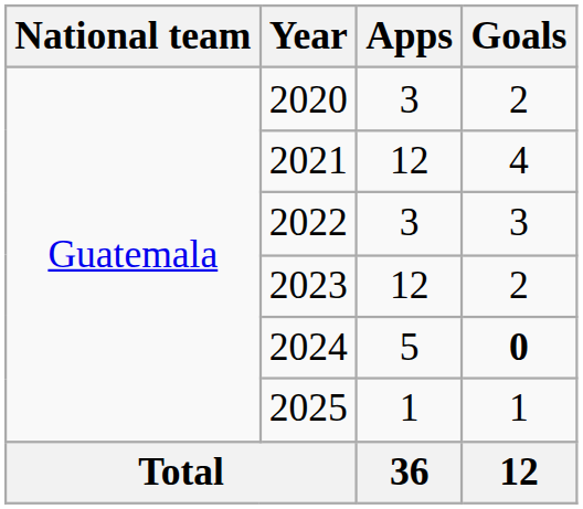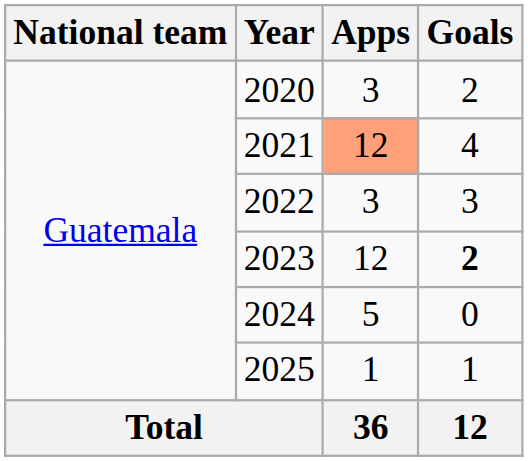 <table class="wikitable" style="text-align:center">
 <tr>
 <th>National team</th>
 <th>Year</th>
 <th>Apps</th>
 <th>Goals</th>
 </tr>
 <tr>
 <td rowspan="6"><a href='#'>Guatemala</a></td>
 <td>2020</td>
 <td>3</td>
 <td>2</td>
 </tr>
 <tr>
 <td>2021</td>
-<td>12</td>
+<td style="background: lightsalmon;">12</td>
 <td>4</td>
 </tr>
 <tr>
 <td>2022</td>
 <td>3</td>
 <td>3</td>
 </tr>
 <tr>
 <td>2023</td>
 <td>12</td>
-<td>2</td>
+<td><strong>2</strong></td>
 </tr>
 <tr>
 <td>2024</td>
 <td>5</td>
-<td><strong>0</strong></td>
+<td>0</td>
 </tr>
 <tr>
 <td>2025</td>
 <td>1</td>
 <td>1</td>
 </tr>
 <tr>
 <th colspan="2">Total</th>
 <th>36</th>
 <th>12</th>
 </tr>
 </table>
